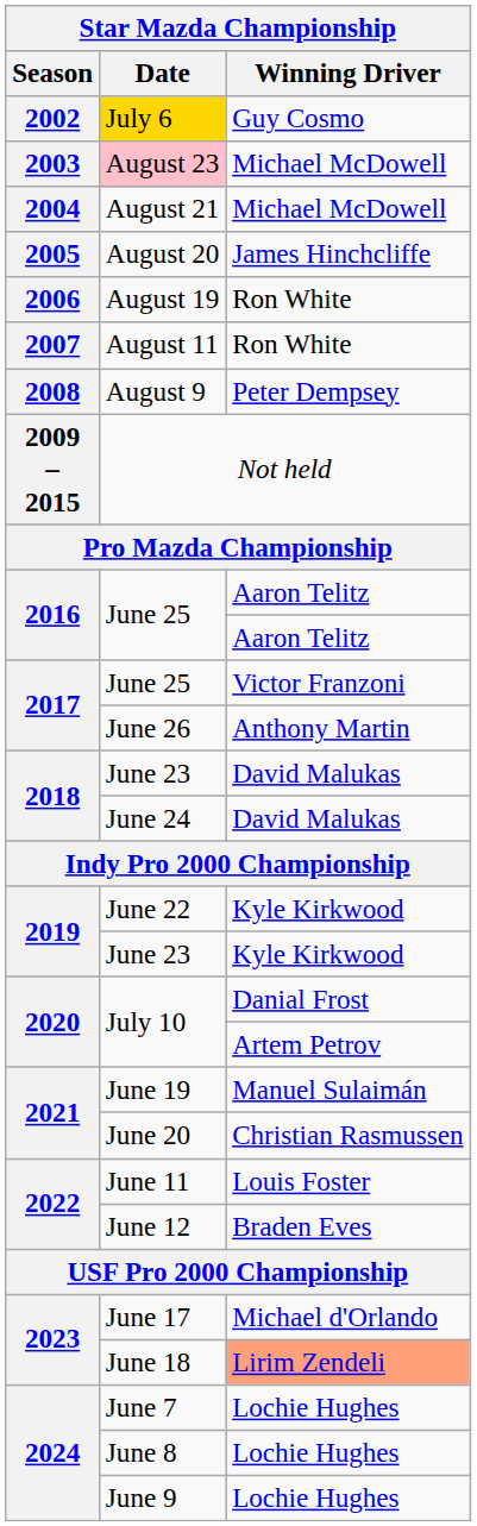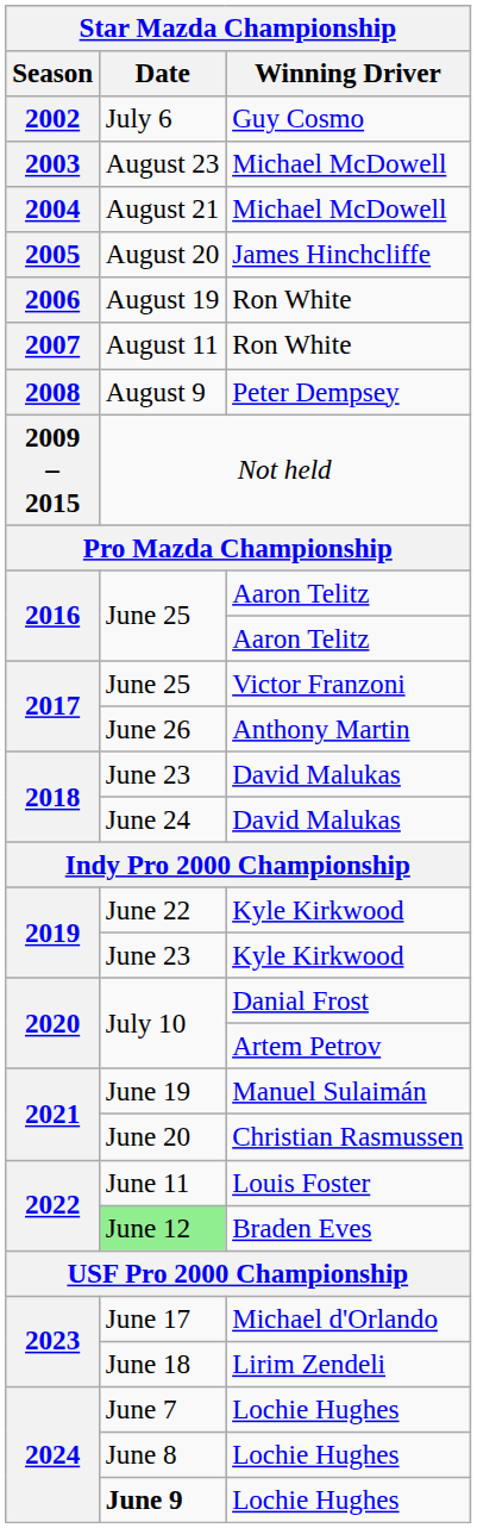 <table class="wikitable" style="font-size: 95%;">
 <tr>
 <th colspan=3><a href='#'>Star Mazda Championship</a></th>
 </tr>
 <tr>
 <th>Season</th>
 <th>Date</th>
 <th>Winning Driver</th>
 </tr>
 <tr>
 <th><a href='#'>2002</a></th>
-<td style="background: gold;">July 6</td>
+<td>July 6</td>
 <td> <a href='#'>Guy Cosmo</a></td>
 </tr>
 <tr>
 <th><a href='#'>2003</a></th>
-<td style="background: pink;">August 23</td>
+<td>August 23</td>
 <td> <a href='#'>Michael McDowell</a></td>
 </tr>
 <tr>
 <th><a href='#'>2004</a></th>
 <td>August 21</td>
 <td> <a href='#'>Michael McDowell</a></td>
 </tr>
 <tr>
 <th><a href='#'>2005</a></th>
 <td>August 20</td>
 <td> <a href='#'>James Hinchcliffe</a></td>
 </tr>
 <tr>
 <th><a href='#'>2006</a></th>
 <td>August 19</td>
 <td> Ron White</td>
 </tr>
 <tr>
 <th><a href='#'>2007</a></th>
 <td>August 11</td>
 <td> Ron White</td>
 </tr>
 <tr>
 <th><a href='#'>2008</a></th>
 <td>August 9</td>
 <td> <a href='#'>Peter Dempsey</a></td>
 </tr>
 <tr>
 <th align=center>2009<br>–<br>2015</th>
 <td align=center colspan="2"><em>Not held</em></td>
 </tr>
 <tr>
 <th colspan=3><a href='#'>Pro Mazda Championship</a></th>
 </tr>
 <tr>
 <th rowspan="2"><a href='#'>2016</a></th>
 <td rowspan="2">June 25</td>
 <td> <a href='#'>Aaron Telitz</a></td>
 </tr>
 <tr>
 <td> <a href='#'>Aaron Telitz</a></td>
 </tr>
 <tr>
 <th rowspan="2"><a href='#'>2017</a></th>
 <td>June 25</td>
 <td> <a href='#'>Victor Franzoni</a></td>
 </tr>
 <tr>
 <td>June 26</td>
 <td> <a href='#'>Anthony Martin</a></td>
 </tr>
 <tr>
 <th rowspan="2"><a href='#'>2018</a></th>
 <td>June 23</td>
 <td> <a href='#'>David Malukas</a></td>
 </tr>
 <tr>
 <td>June 24</td>
 <td> <a href='#'>David Malukas</a></td>
 </tr>
 <tr>
 <th colspan=3><a href='#'>Indy Pro 2000 Championship</a></th>
 </tr>
 <tr>
 <th rowspan="2"><a href='#'>2019</a></th>
 <td>June 22</td>
 <td> <a href='#'>Kyle Kirkwood</a></td>
 </tr>
 <tr>
 <td>June 23</td>
 <td> <a href='#'>Kyle Kirkwood</a></td>
 </tr>
 <tr>
 <th rowspan="2"><a href='#'>2020</a></th>
 <td rowspan="2">July 10</td>
 <td> <a href='#'>Danial Frost</a></td>
 </tr>
 <tr>
 <td> <a href='#'>Artem Petrov</a></td>
 </tr>
 <tr>
 <th rowspan="2"><a href='#'>2021</a></th>
 <td>June 19</td>
 <td> <a href='#'>Manuel Sulaimán</a></td>
 </tr>
 <tr>
 <td>June 20</td>
 <td> <a href='#'>Christian Rasmussen</a></td>
 </tr>
 <tr>
 <th rowspan="2"><a href='#'>2022</a></th>
 <td>June 11</td>
 <td> <a href='#'>Louis Foster</a></td>
 </tr>
 <tr>
-<td>June 12</td>
+<td style="background: lightgreen;">June 12</td>
 <td> <a href='#'>Braden Eves</a></td>
 </tr>
 <tr>
 <th colspan="3"><a href='#'>USF Pro 2000 Championship</a></th>
 </tr>
 <tr>
 <th rowspan="2"><a href='#'>2023</a></th>
 <td>June 17</td>
 <td> <a href='#'>Michael d'Orlando</a></td>
 </tr>
 <tr>
 <td>June 18</td>
-<td style="background: lightsalmon;"> <a href='#'>Lirim Zendeli</a></td>
+<td> <a href='#'>Lirim Zendeli</a></td>
 </tr>
 <tr>
 <th rowspan="3"><a href='#'>2024</a></th>
 <td>June 7</td>
 <td> <a href='#'>Lochie Hughes</a></td>
 </tr>
 <tr>
 <td>June 8</td>
 <td> <a href='#'>Lochie Hughes</a></td>
 </tr>
 <tr>
-<td>June 9</td>
+<td><strong>June 9</strong></td>
 <td> <a href='#'>Lochie Hughes</a></td>
 </tr>
 </table>
